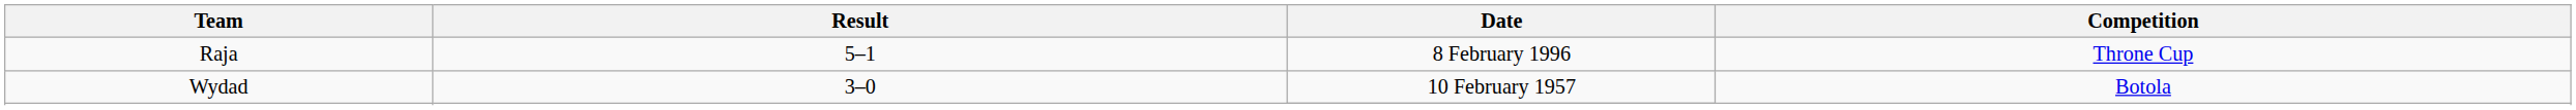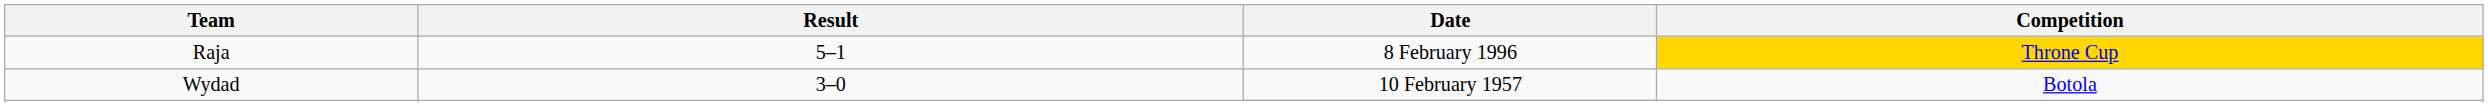 <table class="wikitable" style="text-align: center">
 <tr>
 <th style="width:5%;">Team</th>
 <th style="width:10%;">Result</th>
 <th style="width:5%;">Date</th>
 <th style="width:10%;">Competition</th>
 </tr>
 <tr>
 <td>Raja</td>
 <td>5–1</td>
 <td>8 February 1996</td>
-<td><a href='#'>Throne Cup</a></td>
+<td style="background: gold;"><a href='#'>Throne Cup</a></td>
 </tr>
 <tr>
 <td rowspan="2">Wydad</td>
 <td rowspan="2">3–0</td>
 <td>10 February 1957</td>
 <td rowspan="2"><a href='#'>Botola</a></td>
 </tr>
 <tr>
 </tr>
 </table>
